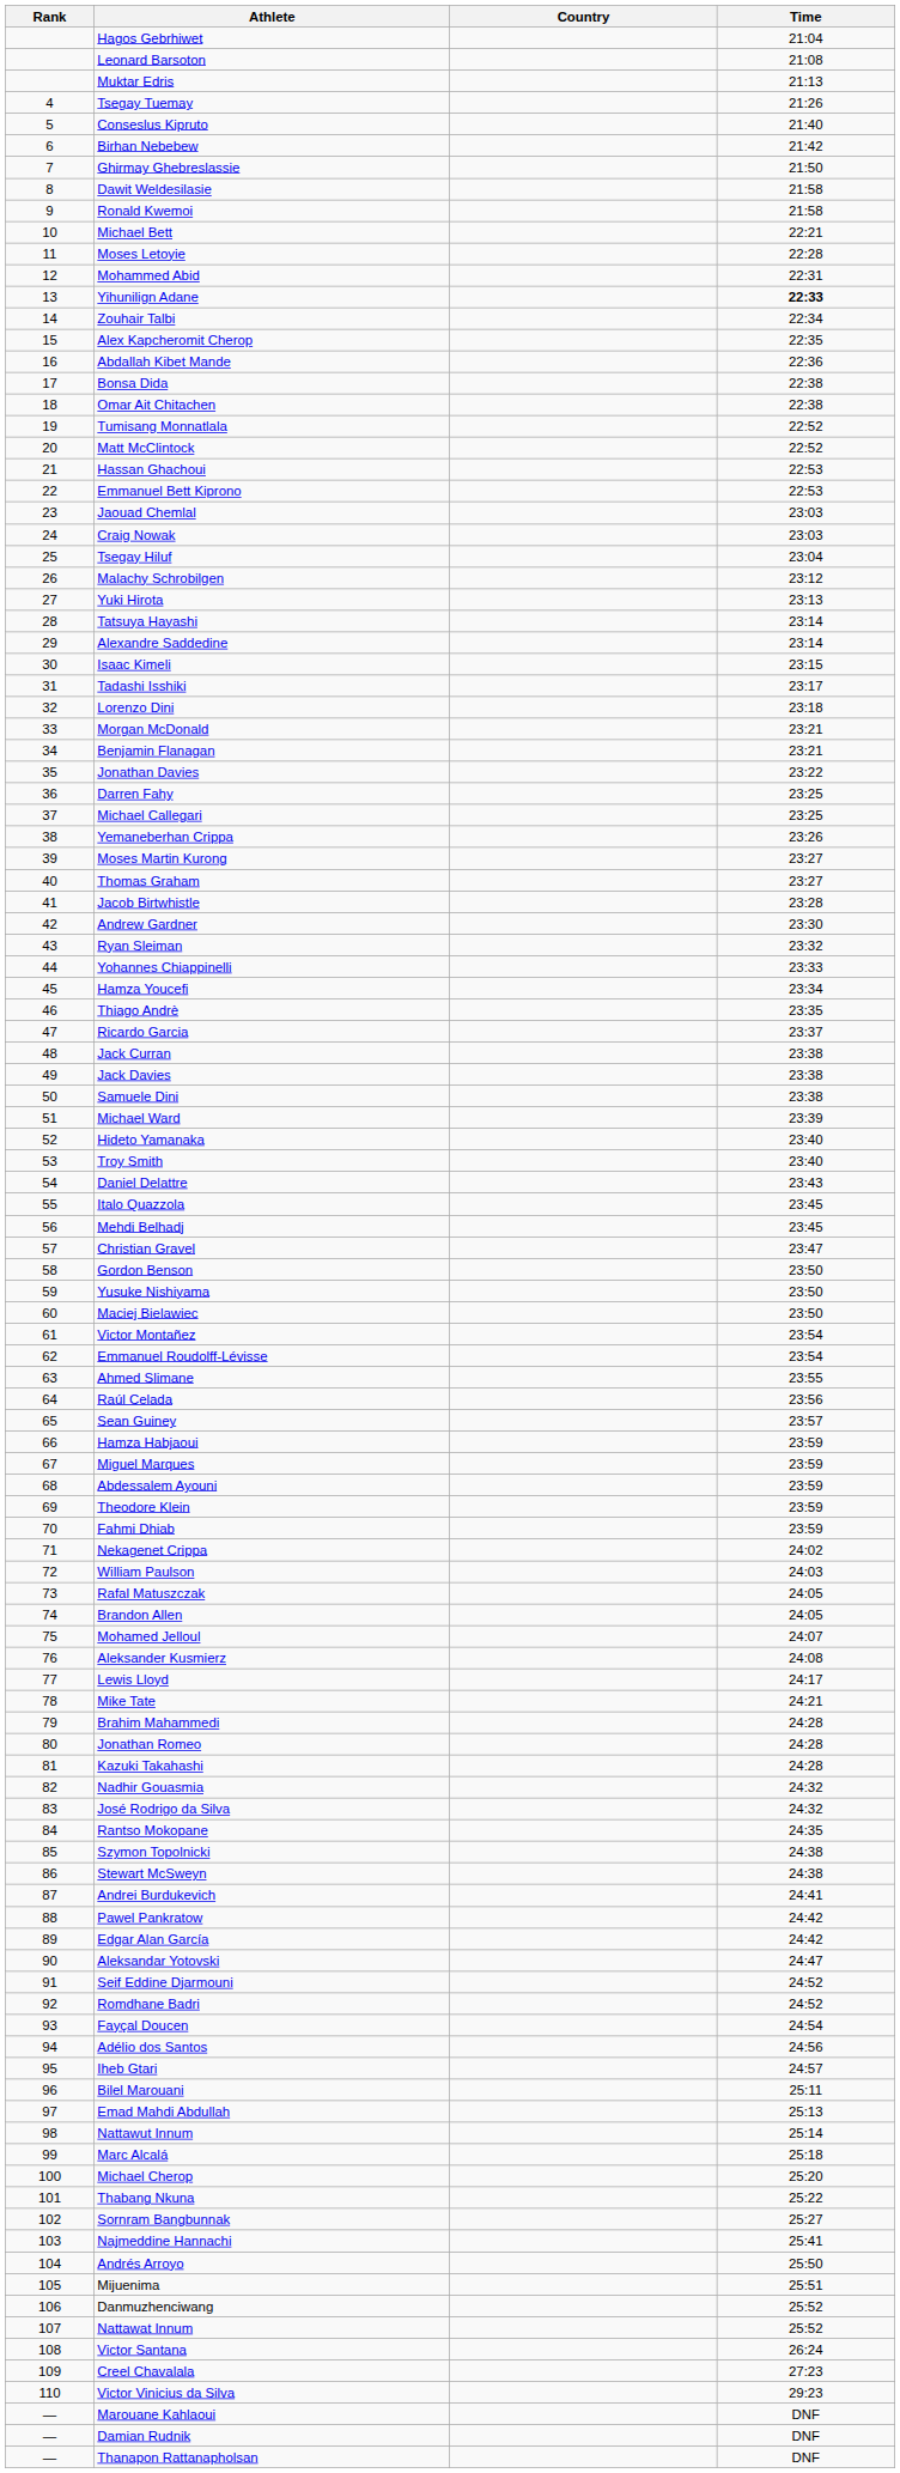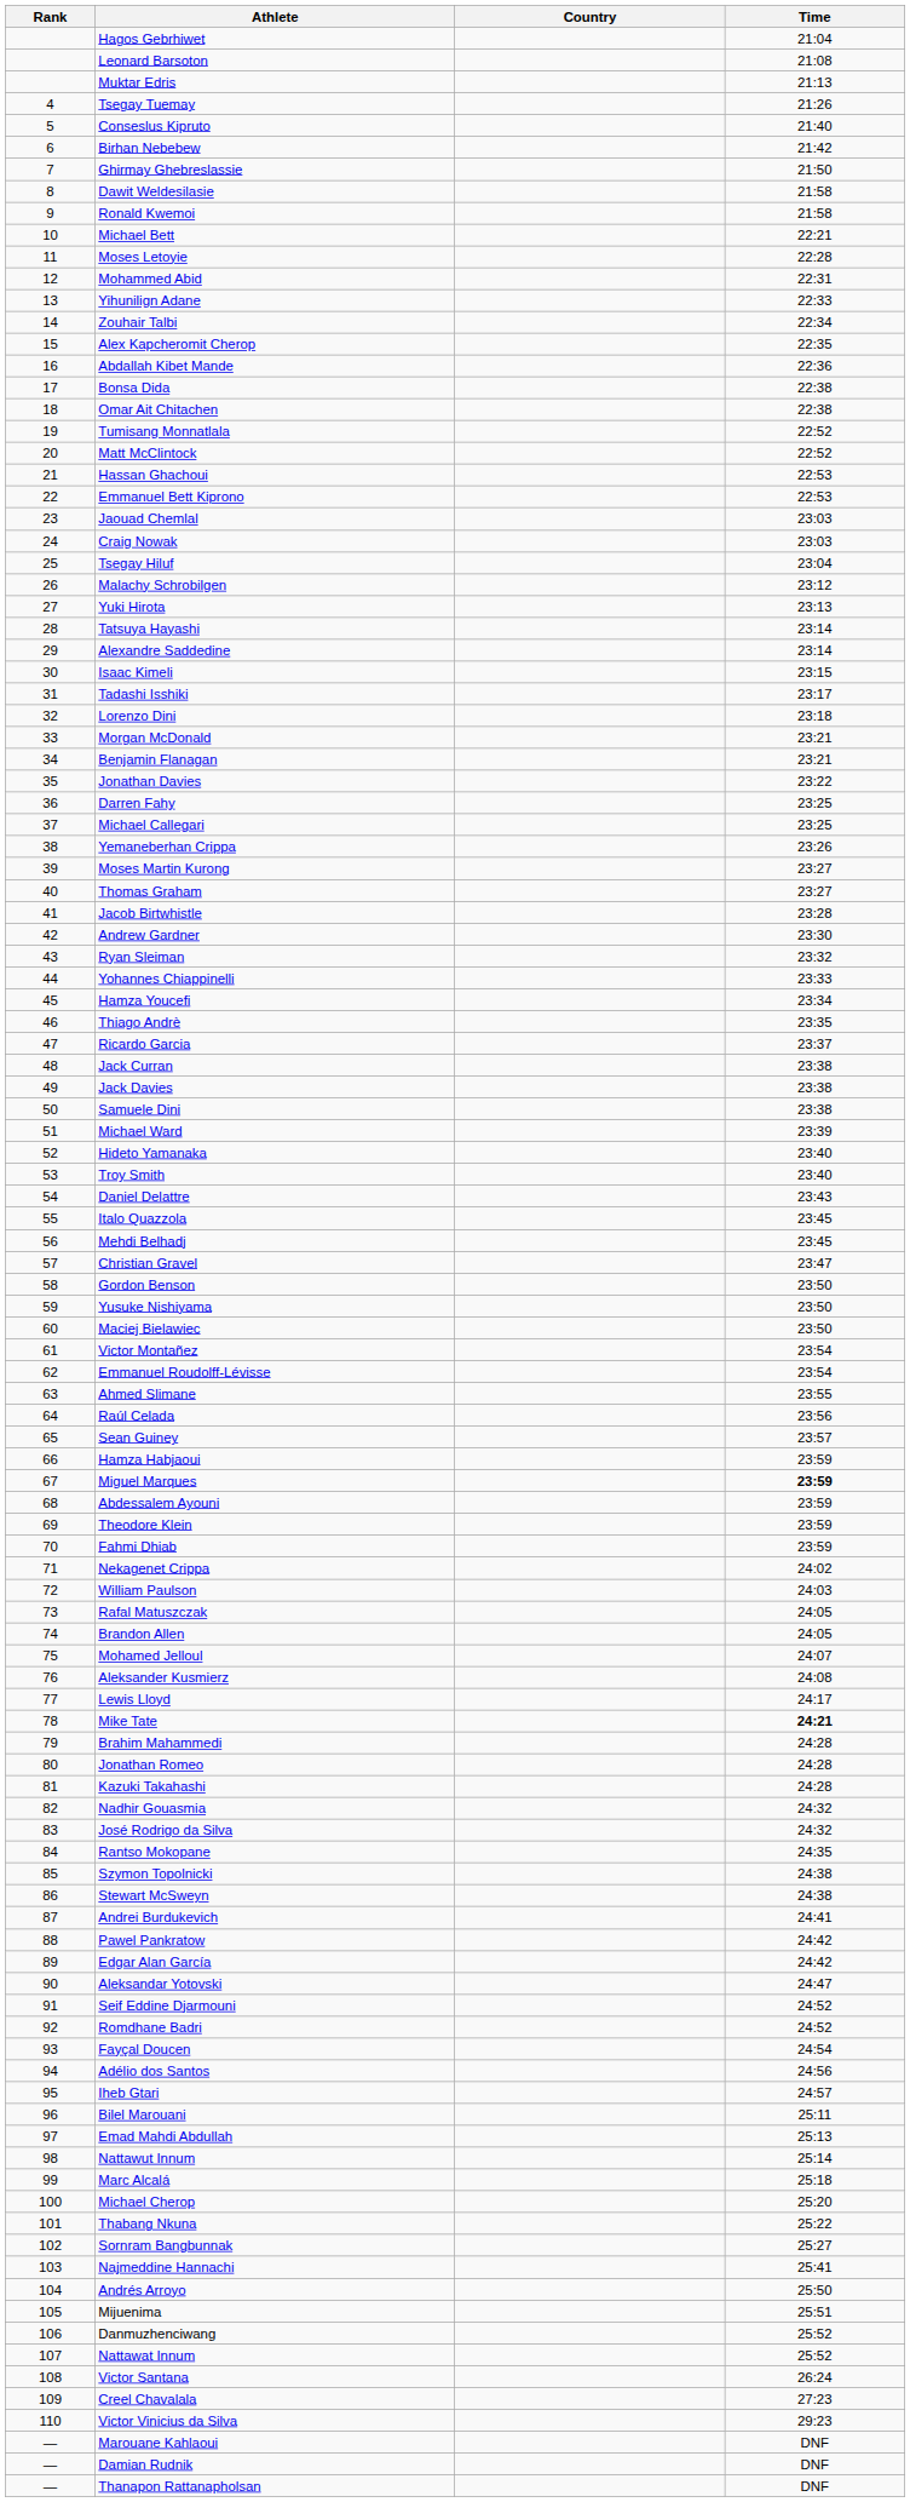 <table class="wikitable sortable" style=" text-align:center; font-size:95%;" width="50%">
 <tr>
 <th width=5%>Rank</th>
 <th width=20%>Athlete</th>
 <th width=15%>Country</th>
 <th width=10%>Time</th>
 </tr>
 <tr>
 <td align=center></td>
 <td align=left><a href='#'>Hagos Gebrhiwet</a></td>
 <td align=left></td>
 <td>21:04</td>
 </tr>
 <tr>
 <td align=center></td>
 <td align=left><a href='#'>Leonard Barsoton</a></td>
 <td align=left></td>
 <td>21:08</td>
 </tr>
 <tr>
 <td align=center></td>
 <td align=left><a href='#'>Muktar Edris</a></td>
 <td align=left></td>
 <td>21:13</td>
 </tr>
 <tr>
 <td align=center>4</td>
 <td align=left><a href='#'>Tsegay Tuemay</a></td>
 <td align=left></td>
 <td>21:26</td>
 </tr>
 <tr>
 <td align=center>5</td>
 <td align=left><a href='#'>Conseslus Kipruto</a></td>
 <td align=left></td>
 <td>21:40</td>
 </tr>
 <tr>
 <td align=center>6</td>
 <td align=left><a href='#'>Birhan Nebebew</a></td>
 <td align=left></td>
 <td>21:42</td>
 </tr>
 <tr>
 <td align=center>7</td>
 <td align=left><a href='#'>Ghirmay Ghebreslassie</a></td>
 <td align=left></td>
 <td>21:50</td>
 </tr>
 <tr>
 <td align=center>8</td>
 <td align=left><a href='#'>Dawit Weldesilasie</a></td>
 <td align=left></td>
 <td>21:58</td>
 </tr>
 <tr>
 <td align=center>9</td>
 <td align=left><a href='#'>Ronald Kwemoi</a></td>
 <td align=left></td>
 <td>21:58</td>
 </tr>
 <tr>
 <td align=center>10</td>
 <td align=left><a href='#'>Michael Bett</a></td>
 <td align=left></td>
 <td>22:21</td>
 </tr>
 <tr>
 <td align=center>11</td>
 <td align=left><a href='#'>Moses Letoyie</a></td>
 <td align=left></td>
 <td>22:28</td>
 </tr>
 <tr>
 <td align=center>12</td>
 <td align=left><a href='#'>Mohammed Abid</a></td>
 <td align=left></td>
 <td>22:31</td>
 </tr>
 <tr>
 <td align=center>13</td>
 <td align=left><a href='#'>Yihunilign Adane</a></td>
 <td align=left></td>
-<td><strong>22:33</strong></td>
+<td>22:33</td>
 </tr>
 <tr>
 <td align=center>14</td>
 <td align=left><a href='#'>Zouhair Talbi</a></td>
 <td align=left></td>
 <td>22:34</td>
 </tr>
 <tr>
 <td align=center>15</td>
 <td align=left><a href='#'>Alex Kapcheromit Cherop</a></td>
 <td align=left></td>
 <td>22:35</td>
 </tr>
 <tr>
 <td align=center>16</td>
 <td align=left><a href='#'>Abdallah Kibet Mande</a></td>
 <td align=left></td>
 <td>22:36</td>
 </tr>
 <tr>
 <td align=center>17</td>
 <td align=left><a href='#'>Bonsa Dida</a></td>
 <td align=left></td>
 <td>22:38</td>
 </tr>
 <tr>
 <td align=center>18</td>
 <td align=left><a href='#'>Omar Ait Chitachen</a></td>
 <td align=left></td>
 <td>22:38</td>
 </tr>
 <tr>
 <td align=center>19</td>
 <td align=left><a href='#'>Tumisang Monnatlala</a></td>
 <td align=left></td>
 <td>22:52</td>
 </tr>
 <tr>
 <td align=center>20</td>
 <td align=left><a href='#'>Matt McClintock</a></td>
 <td align=left></td>
 <td>22:52</td>
 </tr>
 <tr>
 <td align=center>21</td>
 <td align=left><a href='#'>Hassan Ghachoui</a></td>
 <td align=left></td>
 <td>22:53</td>
 </tr>
 <tr>
 <td align=center>22</td>
 <td align=left><a href='#'>Emmanuel Bett Kiprono</a></td>
 <td align=left></td>
 <td>22:53</td>
 </tr>
 <tr>
 <td align=center>23</td>
 <td align=left><a href='#'>Jaouad Chemlal</a></td>
 <td align=left></td>
 <td>23:03</td>
 </tr>
 <tr>
 <td align=center>24</td>
 <td align=left><a href='#'>Craig Nowak</a></td>
 <td align=left></td>
 <td>23:03</td>
 </tr>
 <tr>
 <td align=center>25</td>
 <td align=left><a href='#'>Tsegay Hiluf</a></td>
 <td align=left></td>
 <td>23:04</td>
 </tr>
 <tr>
 <td align=center>26</td>
 <td align=left><a href='#'>Malachy Schrobilgen</a></td>
 <td align=left></td>
 <td>23:12</td>
 </tr>
 <tr>
 <td align=center>27</td>
 <td align=left><a href='#'>Yuki Hirota</a></td>
 <td align=left></td>
 <td>23:13</td>
 </tr>
 <tr>
 <td align=center>28</td>
 <td align=left><a href='#'>Tatsuya Hayashi</a></td>
 <td align=left></td>
 <td>23:14</td>
 </tr>
 <tr>
 <td align=center>29</td>
 <td align=left><a href='#'>Alexandre Saddedine</a></td>
 <td align=left></td>
 <td>23:14</td>
 </tr>
 <tr>
 <td align=center>30</td>
 <td align=left><a href='#'>Isaac Kimeli</a></td>
 <td align=left></td>
 <td>23:15</td>
 </tr>
 <tr>
 <td align=center>31</td>
 <td align=left><a href='#'>Tadashi Isshiki</a></td>
 <td align=left></td>
 <td>23:17</td>
 </tr>
 <tr>
 <td align=center>32</td>
 <td align=left><a href='#'>Lorenzo Dini</a></td>
 <td align=left></td>
 <td>23:18</td>
 </tr>
 <tr>
 <td align=center>33</td>
 <td align=left><a href='#'>Morgan McDonald</a></td>
 <td align=left></td>
 <td>23:21</td>
 </tr>
 <tr>
 <td align=center>34</td>
 <td align=left><a href='#'>Benjamin Flanagan</a></td>
 <td align=left></td>
 <td>23:21</td>
 </tr>
 <tr>
 <td align=center>35</td>
 <td align=left><a href='#'>Jonathan Davies</a></td>
 <td align=left></td>
 <td>23:22</td>
 </tr>
 <tr>
 <td align=center>36</td>
 <td align=left><a href='#'>Darren Fahy</a></td>
 <td align=left></td>
 <td>23:25</td>
 </tr>
 <tr>
 <td align=center>37</td>
 <td align=left><a href='#'>Michael Callegari</a></td>
 <td align=left></td>
 <td>23:25</td>
 </tr>
 <tr>
 <td align=center>38</td>
 <td align=left><a href='#'>Yemaneberhan Crippa</a></td>
 <td align=left></td>
 <td>23:26</td>
 </tr>
 <tr>
 <td align=center>39</td>
 <td align=left><a href='#'>Moses Martin Kurong</a></td>
 <td align=left></td>
 <td>23:27</td>
 </tr>
 <tr>
 <td align=center>40</td>
 <td align=left><a href='#'>Thomas Graham</a></td>
 <td align=left></td>
 <td>23:27</td>
 </tr>
 <tr>
 <td align=center>41</td>
 <td align=left><a href='#'>Jacob Birtwhistle</a></td>
 <td align=left></td>
 <td>23:28</td>
 </tr>
 <tr>
 <td align=center>42</td>
 <td align=left><a href='#'>Andrew Gardner</a></td>
 <td align=left></td>
 <td>23:30</td>
 </tr>
 <tr>
 <td align=center>43</td>
 <td align=left><a href='#'>Ryan Sleiman</a></td>
 <td align=left></td>
 <td>23:32</td>
 </tr>
 <tr>
 <td align=center>44</td>
 <td align=left><a href='#'>Yohannes Chiappinelli</a></td>
 <td align=left></td>
 <td>23:33</td>
 </tr>
 <tr>
 <td align=center>45</td>
 <td align=left><a href='#'>Hamza Youcefi</a></td>
 <td align=left></td>
 <td>23:34</td>
 </tr>
 <tr>
 <td align=center>46</td>
 <td align=left><a href='#'>Thiago Andrè</a></td>
 <td align=left></td>
 <td>23:35</td>
 </tr>
 <tr>
 <td align=center>47</td>
 <td align=left><a href='#'>Ricardo Garcia</a></td>
 <td align=left></td>
 <td>23:37</td>
 </tr>
 <tr>
 <td align=center>48</td>
 <td align=left><a href='#'>Jack Curran</a></td>
 <td align=left></td>
 <td>23:38</td>
 </tr>
 <tr>
 <td align=center>49</td>
 <td align=left><a href='#'>Jack Davies</a></td>
 <td align=left></td>
 <td>23:38</td>
 </tr>
 <tr>
 <td align=center>50</td>
 <td align=left><a href='#'>Samuele Dini</a></td>
 <td align=left></td>
 <td>23:38</td>
 </tr>
 <tr>
 <td align=center>51</td>
 <td align=left><a href='#'>Michael Ward</a></td>
 <td align=left></td>
 <td>23:39</td>
 </tr>
 <tr>
 <td align=center>52</td>
 <td align=left><a href='#'>Hideto Yamanaka</a></td>
 <td align=left></td>
 <td>23:40</td>
 </tr>
 <tr>
 <td align=center>53</td>
 <td align=left><a href='#'>Troy Smith</a></td>
 <td align=left></td>
 <td>23:40</td>
 </tr>
 <tr>
 <td align=center>54</td>
 <td align=left><a href='#'>Daniel Delattre</a></td>
 <td align=left></td>
 <td>23:43</td>
 </tr>
 <tr>
 <td align=center>55</td>
 <td align=left><a href='#'>Italo Quazzola</a></td>
 <td align=left></td>
 <td>23:45</td>
 </tr>
 <tr>
 <td align=center>56</td>
 <td align=left><a href='#'>Mehdi Belhadj</a></td>
 <td align=left></td>
 <td>23:45</td>
 </tr>
 <tr>
 <td align=center>57</td>
 <td align=left><a href='#'>Christian Gravel</a></td>
 <td align=left></td>
 <td>23:47</td>
 </tr>
 <tr>
 <td align=center>58</td>
 <td align=left><a href='#'>Gordon Benson</a></td>
 <td align=left></td>
 <td>23:50</td>
 </tr>
 <tr>
 <td align=center>59</td>
 <td align=left><a href='#'>Yusuke Nishiyama</a></td>
 <td align=left></td>
 <td>23:50</td>
 </tr>
 <tr>
 <td align=center>60</td>
 <td align=left><a href='#'>Maciej Bielawiec</a></td>
 <td align=left></td>
 <td>23:50</td>
 </tr>
 <tr>
 <td align=center>61</td>
 <td align=left><a href='#'>Victor Montañez</a></td>
 <td align=left></td>
 <td>23:54</td>
 </tr>
 <tr>
 <td align=center>62</td>
 <td align=left><a href='#'>Emmanuel Roudolff-Lévisse</a></td>
 <td align=left></td>
 <td>23:54</td>
 </tr>
 <tr>
 <td align=center>63</td>
 <td align=left><a href='#'>Ahmed Slimane</a></td>
 <td align=left></td>
 <td>23:55</td>
 </tr>
 <tr>
 <td align=center>64</td>
 <td align=left><a href='#'>Raúl Celada</a></td>
 <td align=left></td>
 <td>23:56</td>
 </tr>
 <tr>
 <td align=center>65</td>
 <td align=left><a href='#'>Sean Guiney</a></td>
 <td align=left></td>
 <td>23:57</td>
 </tr>
 <tr>
 <td align=center>66</td>
 <td align=left><a href='#'>Hamza Habjaoui</a></td>
 <td align=left></td>
 <td>23:59</td>
 </tr>
 <tr>
 <td align=center>67</td>
 <td align=left><a href='#'>Miguel Marques</a></td>
 <td align=left></td>
-<td>23:59</td>
+<td><strong>23:59</strong></td>
 </tr>
 <tr>
 <td align=center>68</td>
 <td align=left><a href='#'>Abdessalem Ayouni</a></td>
 <td align=left></td>
 <td>23:59</td>
 </tr>
 <tr>
 <td align=center>69</td>
 <td align=left><a href='#'>Theodore Klein</a></td>
 <td align=left></td>
 <td>23:59</td>
 </tr>
 <tr>
 <td align=center>70</td>
 <td align=left><a href='#'>Fahmi Dhiab</a></td>
 <td align=left></td>
 <td>23:59</td>
 </tr>
 <tr>
 <td align=center>71</td>
 <td align=left><a href='#'>Nekagenet Crippa</a></td>
 <td align=left></td>
 <td>24:02</td>
 </tr>
 <tr>
 <td align=center>72</td>
 <td align=left><a href='#'>William Paulson</a></td>
 <td align=left></td>
 <td>24:03</td>
 </tr>
 <tr>
 <td align=center>73</td>
 <td align=left><a href='#'>Rafal Matuszczak</a></td>
 <td align=left></td>
 <td>24:05</td>
 </tr>
 <tr>
 <td align=center>74</td>
 <td align=left><a href='#'>Brandon Allen</a></td>
 <td align=left></td>
 <td>24:05</td>
 </tr>
 <tr>
 <td align=center>75</td>
 <td align=left><a href='#'>Mohamed Jelloul</a></td>
 <td align=left></td>
 <td>24:07</td>
 </tr>
 <tr>
 <td align=center>76</td>
 <td align=left><a href='#'>Aleksander Kusmierz</a></td>
 <td align=left></td>
 <td>24:08</td>
 </tr>
 <tr>
 <td align=center>77</td>
 <td align=left><a href='#'>Lewis Lloyd</a></td>
 <td align=left></td>
 <td>24:17</td>
 </tr>
 <tr>
 <td align=center>78</td>
 <td align=left><a href='#'>Mike Tate</a></td>
 <td align=left></td>
-<td>24:21</td>
+<td><strong>24:21</strong></td>
 </tr>
 <tr>
 <td align=center>79</td>
 <td align=left><a href='#'>Brahim Mahammedi</a></td>
 <td align=left></td>
 <td>24:28</td>
 </tr>
 <tr>
 <td align=center>80</td>
 <td align=left><a href='#'>Jonathan Romeo</a></td>
 <td align=left></td>
 <td>24:28</td>
 </tr>
 <tr>
 <td align=center>81</td>
 <td align=left><a href='#'>Kazuki Takahashi</a></td>
 <td align=left></td>
 <td>24:28</td>
 </tr>
 <tr>
 <td align=center>82</td>
 <td align=left><a href='#'>Nadhir Gouasmia</a></td>
 <td align=left></td>
 <td>24:32</td>
 </tr>
 <tr>
 <td align=center>83</td>
 <td align=left><a href='#'>José Rodrigo da Silva</a></td>
 <td align=left></td>
 <td>24:32</td>
 </tr>
 <tr>
 <td align=center>84</td>
 <td align=left><a href='#'>Rantso Mokopane</a></td>
 <td align=left></td>
 <td>24:35</td>
 </tr>
 <tr>
 <td align=center>85</td>
 <td align=left><a href='#'>Szymon Topolnicki</a></td>
 <td align=left></td>
 <td>24:38</td>
 </tr>
 <tr>
 <td align=center>86</td>
 <td align=left><a href='#'>Stewart McSweyn</a></td>
 <td align=left></td>
 <td>24:38</td>
 </tr>
 <tr>
 <td align=center>87</td>
 <td align=left><a href='#'>Andrei Burdukevich</a></td>
 <td align=left></td>
 <td>24:41</td>
 </tr>
 <tr>
 <td align=center>88</td>
 <td align=left><a href='#'>Pawel Pankratow</a></td>
 <td align=left></td>
 <td>24:42</td>
 </tr>
 <tr>
 <td align=center>89</td>
 <td align=left><a href='#'>Edgar Alan García</a></td>
 <td align=left></td>
 <td>24:42</td>
 </tr>
 <tr>
 <td align=center>90</td>
 <td align=left><a href='#'>Aleksandar Yotovski</a></td>
 <td align=left></td>
 <td>24:47</td>
 </tr>
 <tr>
 <td align=center>91</td>
 <td align=left><a href='#'>Seif Eddine Djarmouni</a></td>
 <td align=left></td>
 <td>24:52</td>
 </tr>
 <tr>
 <td align=center>92</td>
 <td align=left><a href='#'>Romdhane Badri</a></td>
 <td align=left></td>
 <td>24:52</td>
 </tr>
 <tr>
 <td align=center>93</td>
 <td align=left><a href='#'>Fayçal Doucen</a></td>
 <td align=left></td>
 <td>24:54</td>
 </tr>
 <tr>
 <td align=center>94</td>
 <td align=left><a href='#'>Adélio dos Santos</a></td>
 <td align=left></td>
 <td>24:56</td>
 </tr>
 <tr>
 <td align=center>95</td>
 <td align=left><a href='#'>Iheb Gtari</a></td>
 <td align=left></td>
 <td>24:57</td>
 </tr>
 <tr>
 <td align=center>96</td>
 <td align=left><a href='#'>Bilel Marouani</a></td>
 <td align=left></td>
 <td>25:11</td>
 </tr>
 <tr>
 <td align=center>97</td>
 <td align=left><a href='#'>Emad Mahdi Abdullah</a></td>
 <td align=left></td>
 <td>25:13</td>
 </tr>
 <tr>
 <td align=center>98</td>
 <td align=left><a href='#'>Nattawut Innum</a></td>
 <td align=left></td>
 <td>25:14</td>
 </tr>
 <tr>
 <td align=center>99</td>
 <td align=left><a href='#'>Marc Alcalá</a></td>
 <td align=left></td>
 <td>25:18</td>
 </tr>
 <tr>
 <td align=center>100</td>
 <td align=left><a href='#'>Michael Cherop</a></td>
 <td align=left></td>
 <td>25:20</td>
 </tr>
 <tr>
 <td align=center>101</td>
 <td align=left><a href='#'>Thabang Nkuna</a></td>
 <td align=left></td>
 <td>25:22</td>
 </tr>
 <tr>
 <td align=center>102</td>
 <td align=left><a href='#'>Sornram Bangbunnak</a></td>
 <td align=left></td>
 <td>25:27</td>
 </tr>
 <tr>
 <td align=center>103</td>
 <td align=left><a href='#'>Najmeddine Hannachi</a></td>
 <td align=left></td>
 <td>25:41</td>
 </tr>
 <tr>
 <td align=center>104</td>
 <td align=left><a href='#'>Andrés Arroyo</a></td>
 <td align=left></td>
 <td>25:50</td>
 </tr>
 <tr>
 <td align=center>105</td>
 <td align=left>Mijuenima</td>
 <td align=left></td>
 <td>25:51</td>
 </tr>
 <tr>
 <td align=center>106</td>
 <td align=left>Danmuzhenciwang</td>
 <td align=left></td>
 <td>25:52</td>
 </tr>
 <tr>
 <td align=center>107</td>
 <td align=left><a href='#'>Nattawat Innum</a></td>
 <td align=left></td>
 <td>25:52</td>
 </tr>
 <tr>
 <td align=center>108</td>
 <td align=left><a href='#'>Victor Santana</a></td>
 <td align=left></td>
 <td>26:24</td>
 </tr>
 <tr>
 <td align=center>109</td>
 <td align=left><a href='#'>Creel Chavalala</a></td>
 <td align=left></td>
 <td>27:23</td>
 </tr>
 <tr>
 <td align=center>110</td>
 <td align=left><a href='#'>Victor Vinicius da Silva</a></td>
 <td align=left></td>
 <td>29:23</td>
 </tr>
 <tr>
 <td align=center>—</td>
 <td align=left><a href='#'>Marouane Kahlaoui</a></td>
 <td align=left></td>
 <td>DNF</td>
 </tr>
 <tr>
 <td align=center>—</td>
 <td align=left><a href='#'>Damian Rudnik</a></td>
 <td align=left></td>
 <td>DNF</td>
 </tr>
 <tr>
 <td align=center>—</td>
 <td align=left><a href='#'>Thanapon Rattanapholsan</a></td>
 <td align=left></td>
 <td>DNF</td>
 </tr>
 </table>
